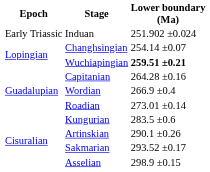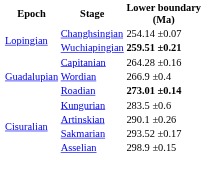 <table>
 <tr>
 <th>Epoch</th>
 <th>Stage</th>
 <th>Lower boundary<br>(Ma)</th>
-</tr>
-<tr>
-<td style="background-color: ">Early Triassic</td>
-<td style="background-color: ">Induan</td>
-<td>251.902 ±0.024</td>
 </tr>
 <tr>
 <td rowspan="2" style="background-color: "><a href='#'>Lopingian</a></td>
 <td style="background-color: "><a href='#'>Changhsingian</a></td>
 <td>254.14 ±0.07</td>
 </tr>
 <tr>
 <td style="background-color: "><a href='#'>Wuchiapingian</a></td>
 <td><strong>259.51 ±0.21</strong></td>
 </tr>
 <tr>
 <td rowspan="3" style="background-color: "><a href='#'>Guadalupian</a></td>
 <td style="background-color: "><a href='#'>Capitanian</a></td>
 <td>264.28 ±0.16</td>
 </tr>
 <tr>
 <td style="background-color: "><a href='#'>Wordian</a></td>
 <td>266.9 ±0.4</td>
 </tr>
 <tr>
 <td style="background-color: "><a href='#'>Roadian</a></td>
-<td>273.01 ±0.14</td>
+<td><strong>273.01 ±0.14</strong></td>
 </tr>
 <tr>
 <td rowspan="4" style="background-color: "><a href='#'>Cisuralian</a></td>
 <td style="background-color: "><a href='#'>Kungurian</a></td>
 <td>283.5 ±0.6</td>
 </tr>
 <tr>
 <td style="background-color: "><a href='#'>Artinskian</a></td>
 <td>290.1 ±0.26</td>
 </tr>
 <tr>
 <td style="background-color: "><a href='#'>Sakmarian</a></td>
 <td>293.52 ±0.17</td>
 </tr>
 <tr>
 <td style="background-color: "><a href='#'>Asselian</a></td>
 <td>298.9 ±0.15</td>
 </tr>
 </table>
